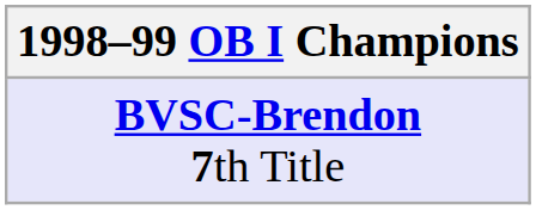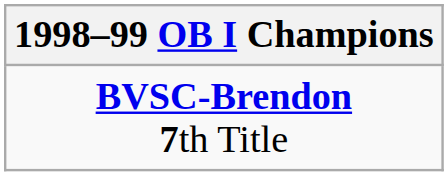 <table class=wikitable style="text-align:center; margin:auto">
 <tr>
 <th>1998–99 <a href='#'>OB I</a> Champions</th>
 </tr>
 <tr>
-<td style="background: lavender;"><strong><a href='#'>BVSC-Brendon</a></strong><br><strong>7</strong>th Title</td>
+<td><strong><a href='#'>BVSC-Brendon</a></strong><br><strong>7</strong>th Title</td>
 </tr>
 </table>
